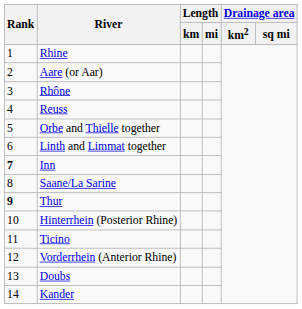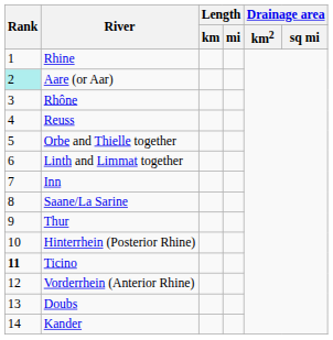 <table class="wikitable sortable">
 <tr>
 <th rowspan=2>Rank</th>
 <th rowspan=2>River</th>
 <th colspan=2>Length</th>
 <th colspan=2><a href='#'>Drainage area</a></th>
 </tr>
 <tr>
 <th>km</th>
 <th>mi</th>
 <th>km<sup>2</sup></th>
 <th>sq mi</th>
 </tr>
 <tr>
 <td>1</td>
 <td><a href='#'>Rhine</a></td>
 <td></td>
 <td></td>
 </tr>
 <tr>
-<td>2</td>
+<td style="background: paleturquoise;">2</td>
 <td><a href='#'>Aare</a> (or Aar)</td>
 <td></td>
 <td></td>
 </tr>
 <tr>
 <td>3</td>
 <td><a href='#'>Rhône</a></td>
 <td></td>
 <td></td>
 </tr>
 <tr>
 <td>4</td>
 <td><a href='#'>Reuss</a></td>
 <td></td>
 <td></td>
 </tr>
 <tr>
 <td>5</td>
 <td><a href='#'>Orbe</a> and <a href='#'>Thielle</a> together</td>
 <td></td>
 <td></td>
 </tr>
 <tr>
 <td>6</td>
 <td><a href='#'>Linth</a> and <a href='#'>Limmat</a> together</td>
 <td></td>
 <td></td>
 </tr>
 <tr>
-<td><strong>7</strong></td>
+<td>7</td>
 <td><a href='#'>Inn</a></td>
 <td></td>
 <td></td>
 </tr>
 <tr>
 <td>8</td>
 <td><a href='#'>Saane/La Sarine</a></td>
 <td></td>
 <td></td>
 </tr>
 <tr>
-<td><strong>9</strong></td>
+<td>9</td>
 <td><a href='#'>Thur</a></td>
 <td></td>
 <td></td>
 </tr>
 <tr>
 <td>10</td>
 <td><a href='#'>Hinterrhein</a> (Posterior Rhine)</td>
 <td></td>
 <td></td>
 </tr>
 <tr>
-<td>11</td>
+<td><strong>11</strong></td>
 <td><a href='#'>Ticino</a></td>
 <td></td>
 <td></td>
 </tr>
 <tr>
 <td>12</td>
 <td><a href='#'>Vorderrhein</a> (Anterior Rhine)</td>
 <td></td>
 <td></td>
 </tr>
 <tr>
 <td>13</td>
 <td><a href='#'>Doubs</a></td>
 <td></td>
 <td></td>
 </tr>
 <tr>
 <td>14</td>
 <td><a href='#'>Kander</a></td>
 <td></td>
 <td></td>
 </tr>
 </table>
